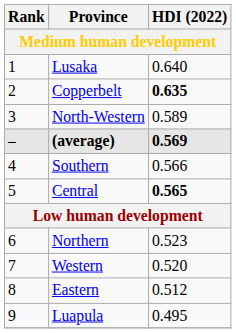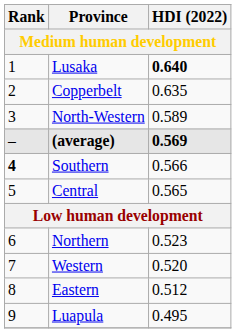 <table class="wikitable sortable">
 <tr>
 <th class="sort">Rank</th>
 <th class="sort">Province</th>
 <th class="sort">HDI (2022)</th>
 </tr>
 <tr>
 <th colspan="3" style="color:#fc0;">Medium human development</th>
 </tr>
 <tr>
 <td>1</td>
 <td style="text-align:left"><a href='#'>Lusaka</a></td>
-<td>0.640</td>
+<td><strong>0.640</strong></td>
 </tr>
 <tr>
 <td>2</td>
 <td style="text-align:left"><a href='#'>Copperbelt</a></td>
-<td><strong>0.635</strong></td>
+<td>0.635</td>
 </tr>
 <tr>
 <td>3</td>
 <td style="text-align:left"><a href='#'>North-Western</a></td>
 <td>0.589</td>
 </tr>
 <tr style="background:#e6e6e6">
 <td>–</td>
 <td style="text-align:left"><strong></strong> <strong>(average)</strong></td>
 <td><strong>0.569</strong></td>
 </tr>
 <tr>
-<td>4</td>
+<td><strong>4</strong></td>
 <td style="text-align:left"><a href='#'>Southern</a></td>
 <td>0.566</td>
 </tr>
 <tr>
 <td>5</td>
 <td style="text-align:left"><a href='#'>Central</a></td>
-<td><strong>0.565</strong></td>
+<td>0.565</td>
 </tr>
 <tr>
 <th colspan="3" style="color:#900;">Low human development</th>
 </tr>
 <tr>
 <td>6</td>
 <td style="text-align:left"><a href='#'>Northern</a></td>
 <td>0.523</td>
 </tr>
 <tr>
 <td>7</td>
 <td style="text-align:left"><a href='#'>Western</a></td>
 <td>0.520</td>
 </tr>
 <tr>
 <td>8</td>
 <td style="text-align:left"><a href='#'>Eastern</a></td>
 <td>0.512</td>
 </tr>
 <tr>
 <td>9</td>
 <td style="text-align:left"><a href='#'>Luapula</a></td>
 <td>0.495</td>
 </tr>
 <tr>
 </tr>
 </table>
